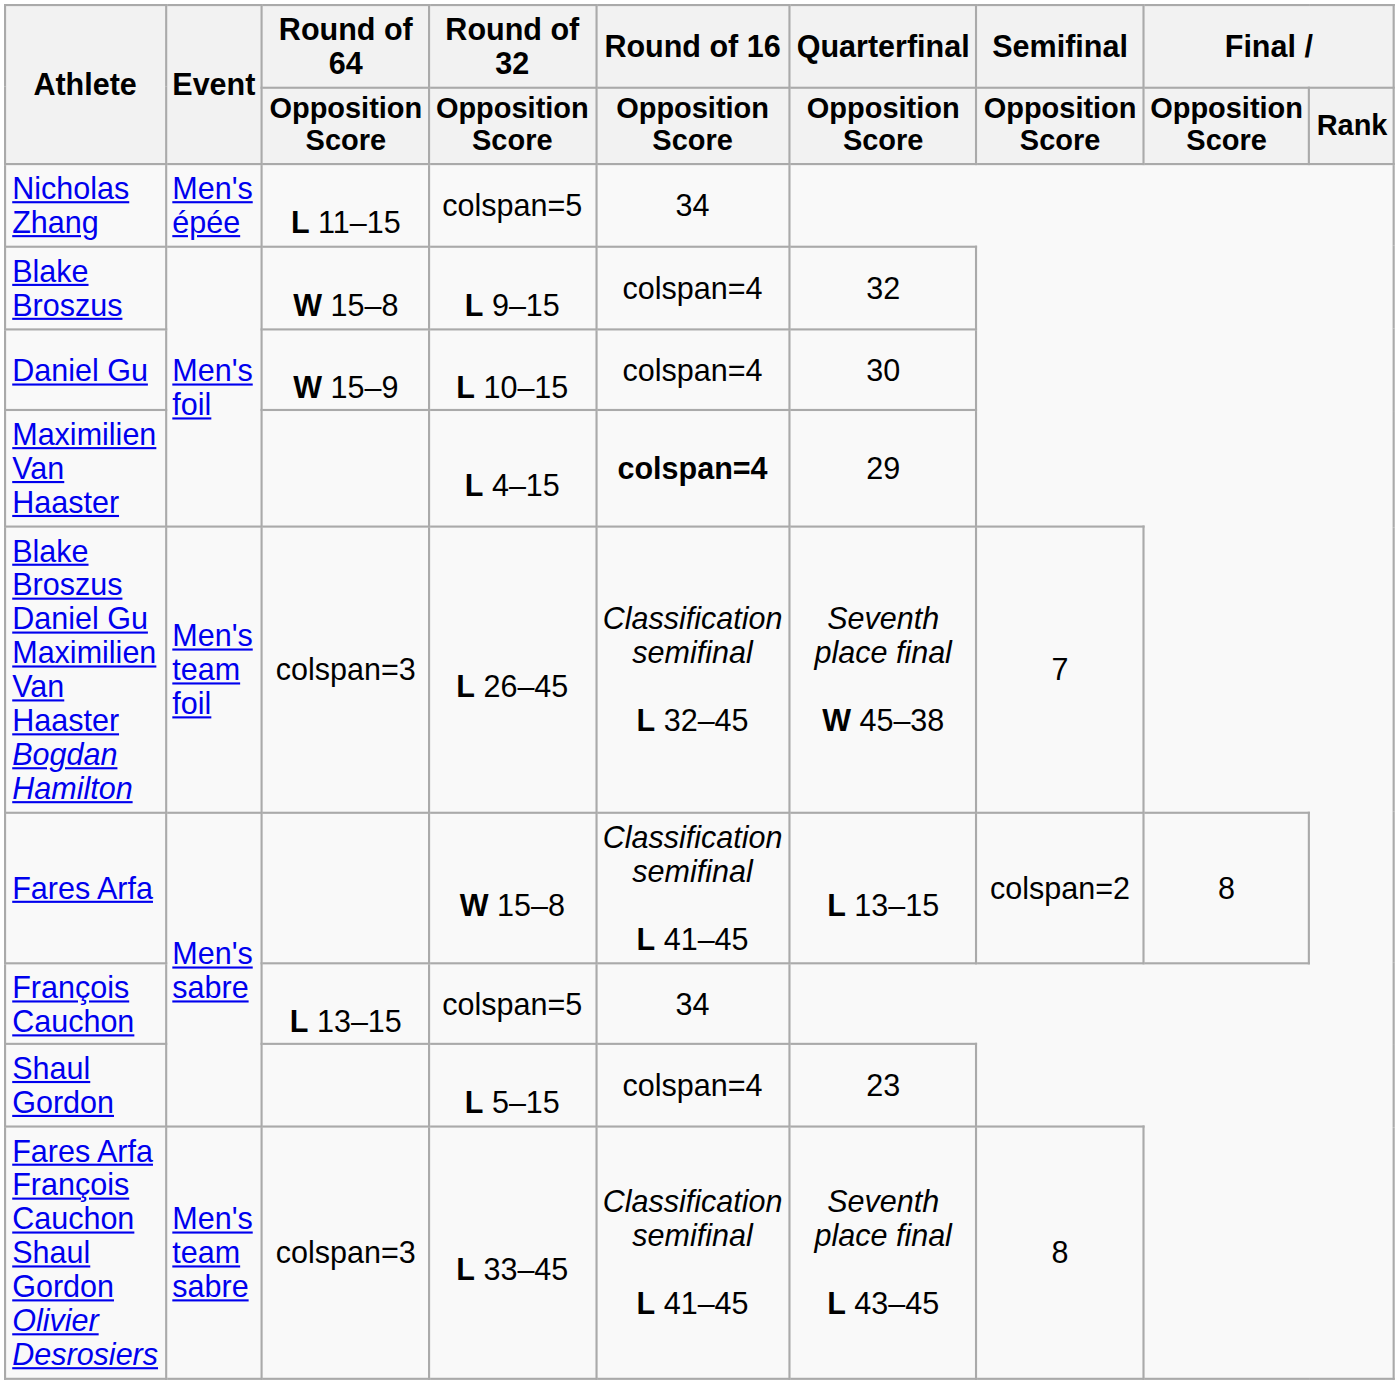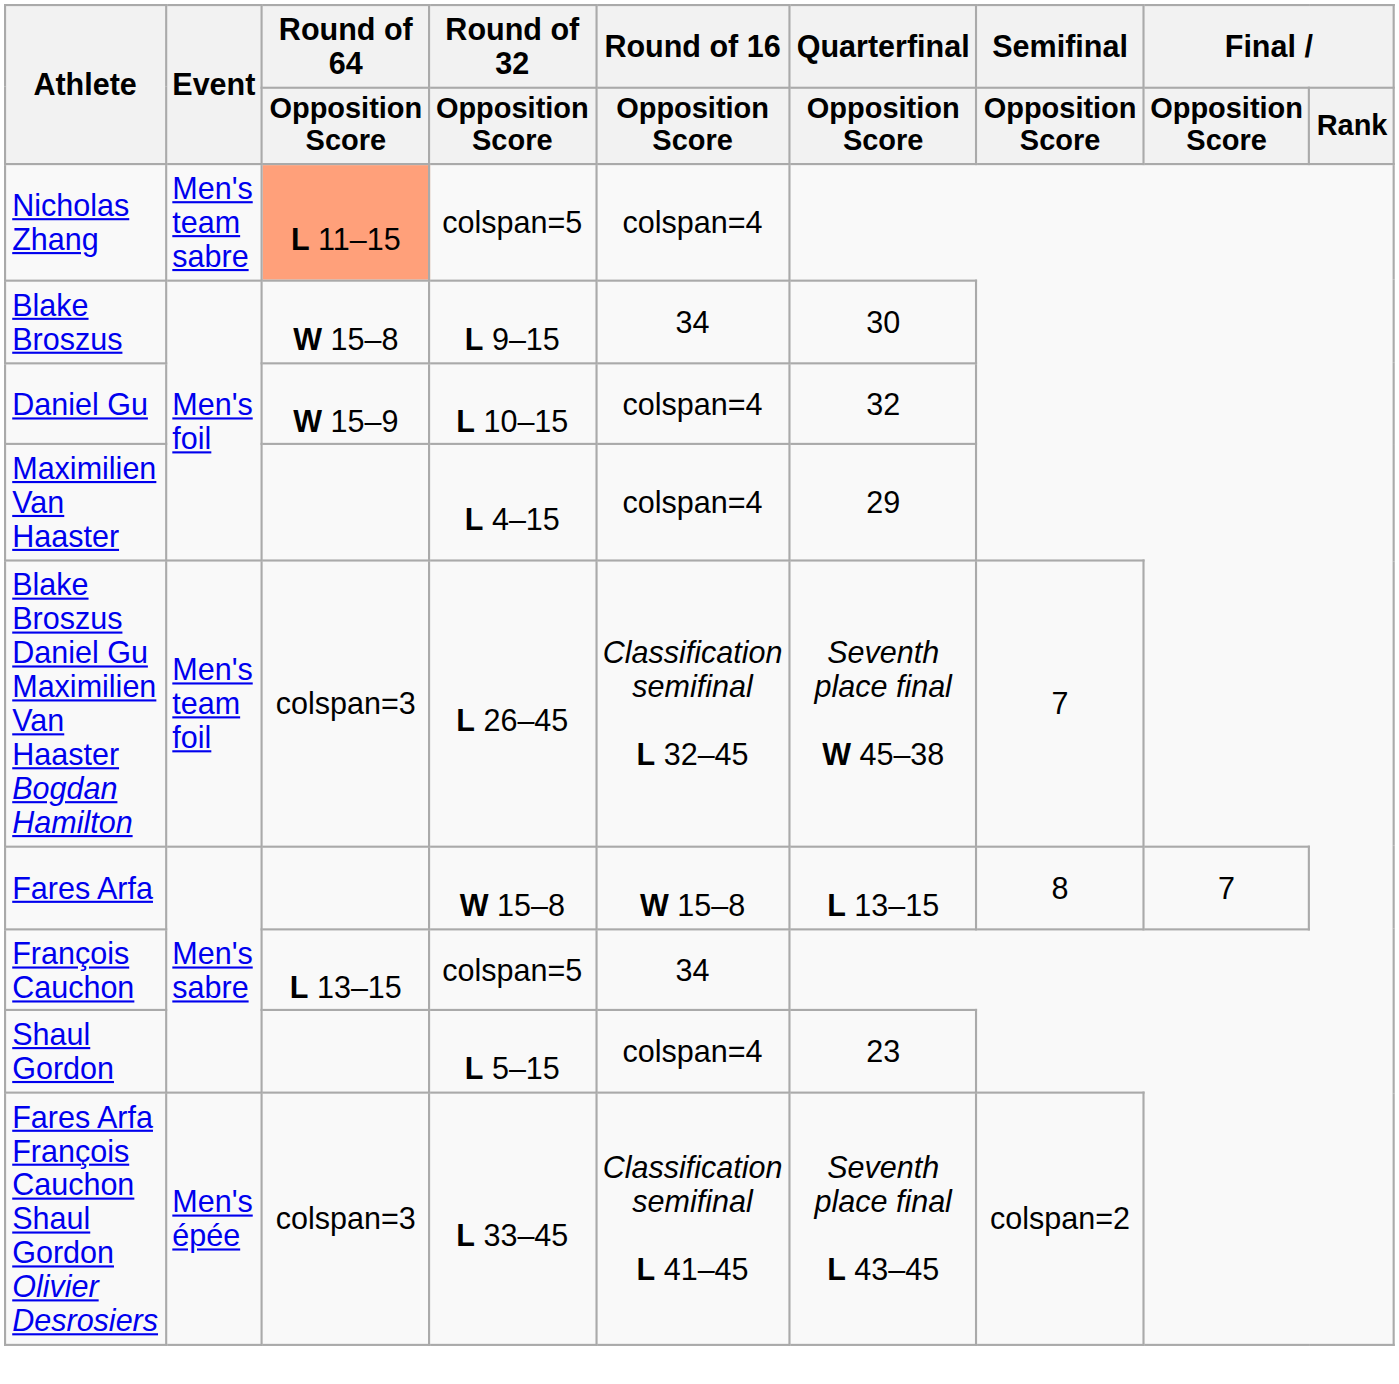 <table class=wikitable style="font-size:90%">
 <tr>
 <th rowspan="2">Athlete</th>
 <th rowspan="2">Event</th>
 <th>Round of 64</th>
 <th>Round of 32</th>
 <th>Round of 16</th>
 <th>Quarterfinal</th>
 <th>Semifinal</th>
 <th colspan=2>Final / </th>
 </tr>
 <tr style="font-size:95%">
 <th>Opposition <br> Score</th>
 <th>Opposition <br> Score</th>
 <th>Opposition <br> Score</th>
 <th>Opposition <br> Score</th>
 <th>Opposition <br> Score</th>
 <th>Opposition <br> Score</th>
 <th>Rank</th>
 </tr>
 <tr align=center>
 <td align=left><a href='#'>Nicholas Zhang</a></td>
-<td align=left><a href='#'>Men's épée</a></td>
-<td><br><strong>L</strong> 11–15</td>
+<td align=left><a href='#'>Men's team sabre</a></td>
+<td style="background: lightsalmon;"><br><strong>L</strong> 11–15</td>
 <td>colspan=5 </td>
-<td>34</td>
+<td>colspan=4 </td>
 </tr>
 <tr align=center>
 <td align=left><a href='#'>Blake Broszus</a></td>
 <td align=left rowspan=3><a href='#'>Men's foil</a></td>
 <td><br><strong>W</strong> 15–8</td>
 <td><br><strong>L</strong> 9–15</td>
-<td>colspan=4 </td>
-<td>32</td>
+<td>34</td>
+<td>30</td>
 </tr>
 <tr align=center>
 <td align=left><a href='#'>Daniel Gu</a></td>
 <td><br><strong>W</strong> 15–9</td>
 <td><br> <strong>L</strong> 10–15</td>
 <td>colspan=4 </td>
-<td>30</td>
+<td>32</td>
 </tr>
 <tr align=center>
 <td align=left><a href='#'>Maximilien Van Haaster</a></td>
 <td></td>
 <td><br><strong>L</strong> 4–15</td>
-<td><strong>colspan=4 </strong></td>
+<td>colspan=4 </td>
 <td>29</td>
 </tr>
 <tr align=center>
 <td align=left><a href='#'>Blake Broszus</a><br><a href='#'>Daniel Gu</a><br><a href='#'>Maximilien Van Haaster</a><br><em><a href='#'>Bogdan Hamilton</a></em></td>
 <td align=left><a href='#'>Men's team foil</a></td>
 <td>colspan=3 </td>
 <td><br><strong>L</strong> 26–45</td>
 <td><em>Classification semifinal</em><br><br><strong>L</strong> 32–45</td>
 <td><em>Seventh place final</em><br><br><strong>W</strong> 45–38</td>
 <td>7</td>
 </tr>
 <tr align=center>
 <td align=left><a href='#'>Fares Arfa</a></td>
 <td align=left rowspan=3><a href='#'>Men's sabre</a></td>
 <td></td>
 <td><br><strong>W</strong> 15–8</td>
-<td><em>Classification semifinal</em><br><br><strong>L</strong> 41–45</td>
+<td><br><strong>W</strong> 15–8</td>
 <td><br><strong>L</strong> 13–15</td>
-<td>colspan=2 </td>
 <td>8</td>
+<td>7</td>
 </tr>
 <tr align=center>
 <td align=left><a href='#'>François Cauchon</a></td>
 <td><br> <strong>L</strong> 13–15</td>
 <td>colspan=5 </td>
 <td>34</td>
 </tr>
 <tr align=center>
 <td align=left><a href='#'>Shaul Gordon</a></td>
 <td></td>
 <td><br><strong>L</strong> 5–15</td>
 <td>colspan=4 </td>
 <td>23</td>
 </tr>
 <tr align=center>
 <td align=left><a href='#'>Fares Arfa</a><br><a href='#'>François Cauchon</a><br><a href='#'>Shaul Gordon</a><br><em><a href='#'>Olivier Desrosiers</a></em></td>
-<td align=left><a href='#'>Men's team sabre</a></td>
+<td align=left><a href='#'>Men's épée</a></td>
 <td>colspan=3 </td>
 <td><br><strong>L</strong> 33–45</td>
 <td><em>Classification semifinal</em><br><br><strong>L</strong> 41–45</td>
 <td><em>Seventh place final</em><br><br><strong>L</strong> 43–45</td>
-<td>8</td>
+<td>colspan=2 </td>
 </tr>
 </table>
